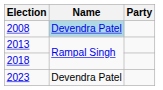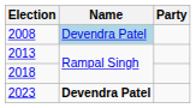 <table class="wikitable sortable">
 <tr>
 <th>Election</th>
 <th>Name</th>
 <th colspan=2>Party</th>
 </tr>
 <tr>
 <td><a href='#'>2008</a></td>
 <td style="background: lightblue;"><a href='#'>Devendra Patel</a></td>
 <td></td>
 </tr>
 <tr>
 <td><a href='#'>2013</a></td>
 <td rowspan=2><a href='#'>Rampal Singh</a></td>
 <td></td>
 </tr>
 <tr>
 <td><a href='#'>2018</a></td>
 </tr>
 <tr>
 <td><a href='#'>2023</a></td>
-<td>Devendra Patel</td>
+<td><strong>Devendra Patel</strong></td>
 <td></td>
 </tr>
 </table>
